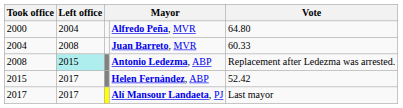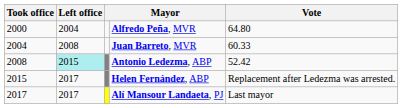 <table class="wikitable" style="font-size: 95%;">
 <tr>
 <th>Took office</th>
 <th>Left office</th>
 <th colspan="2">Mayor</th>
 <th>Vote</th>
 </tr>
 <tr>
 <td>2000</td>
 <td>2004</td>
 <td style="background-color:"></td>
 <td><strong><a href='#'>Alfredo Peña</a></strong>, <a href='#'>MVR</a></td>
 <td>64.80</td>
 </tr>
 <tr>
 <td>2004</td>
 <td>2008</td>
 <td style="background-color:"></td>
 <td><strong><a href='#'>Juan Barreto</a></strong>, <a href='#'>MVR</a></td>
 <td>60.33</td>
 </tr>
 <tr>
 <td>2008</td>
 <td style="background: paleturquoise;">2015</td>
 <td style="background-color:grey"></td>
 <td><strong><a href='#'>Antonio Ledezma</a></strong>, <a href='#'>ABP</a></td>
-<td>Replacement after Ledezma was arrested.</td>
+<td>52.42</td>
 </tr>
 <tr>
 <td>2015</td>
 <td>2017</td>
 <td style="background-color:grey"></td>
 <td><strong><a href='#'>Helen Fernández</a></strong>, <a href='#'>ABP</a></td>
-<td>52.42</td>
+<td>Replacement after Ledezma was arrested.</td>
 </tr>
 <tr>
 <td>2017</td>
 <td>2017</td>
 <td style="background-color:yellow"></td>
 <td><strong><a href='#'>Alí Mansour Landaeta</a></strong>, <a href='#'>PJ</a></td>
 <td>Last mayor</td>
 </tr>
 </table>
